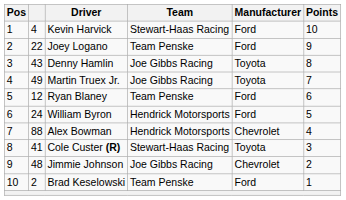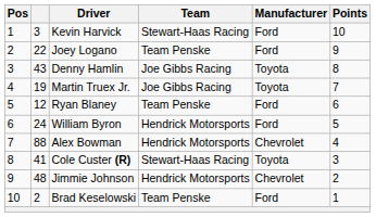 <table class="wikitable" style="font-size:98%">
 <tr>
 <th>Pos</th>
 <th></th>
 <th>Driver</th>
 <th>Team</th>
 <th>Manufacturer</th>
 <th>Points</th>
 </tr>
 <tr>
 <td>1</td>
-<td>4</td>
+<td>3</td>
 <td>Kevin Harvick</td>
 <td>Stewart-Haas Racing</td>
 <td>Ford</td>
 <td>10</td>
 </tr>
 <tr>
 <td>2</td>
 <td>22</td>
 <td>Joey Logano</td>
 <td>Team Penske</td>
 <td>Ford</td>
 <td>9</td>
 </tr>
 <tr>
 <td>3</td>
 <td>43</td>
 <td>Denny Hamlin</td>
 <td>Joe  Gibbs Racing</td>
 <td>Toyota</td>
 <td>8</td>
 </tr>
 <tr>
 <td>4</td>
-<td>49</td>
+<td>19</td>
 <td>Martin Truex Jr.</td>
 <td>Joe Gibbs Racing</td>
 <td>Toyota</td>
 <td>7</td>
 </tr>
 <tr>
 <td>5</td>
 <td>12</td>
 <td>Ryan Blaney</td>
 <td>Team Penske</td>
 <td>Ford</td>
 <td>6</td>
 </tr>
 <tr>
 <td>6</td>
 <td>24</td>
 <td>William Byron</td>
 <td>Hendrick Motorsports</td>
 <td>Ford</td>
 <td>5</td>
 </tr>
 <tr>
 <td>7</td>
 <td>88</td>
 <td>Alex Bowman</td>
 <td>Hendrick Motorsports</td>
 <td>Chevrolet</td>
 <td>4</td>
 </tr>
 <tr>
 <td>8</td>
 <td>41</td>
 <td>Cole Custer <strong>(R)</strong></td>
 <td>Stewart-Haas Racing</td>
 <td>Toyota</td>
 <td>3</td>
 </tr>
 <tr>
 <td>9</td>
 <td>48</td>
 <td>Jimmie Johnson</td>
-<td>Joe Gibbs Racing</td>
+<td>Hendrick Motorsports</td>
 <td>Chevrolet</td>
 <td>2</td>
 </tr>
 <tr>
 <td>10</td>
 <td>2</td>
 <td>Brad Keselowski</td>
 <td>Team Penske</td>
 <td>Ford</td>
 <td>1</td>
 </tr>
 <tr>
 <th colspan="6"></th>
 </tr>
 </table>
